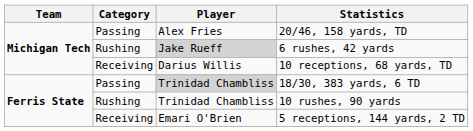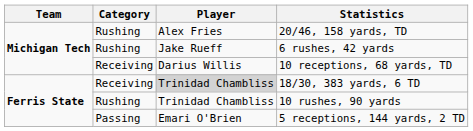 <table class="wikitable" style="float: left;">
 <tr>
 <th>Team</th>
 <th>Category</th>
 <th>Player</th>
 <th>Statistics</th>
 </tr>
 <tr>
 <td rowspan=3><strong>Michigan Tech</strong></td>
-<td>Passing</td>
+<td>Rushing</td>
 <td>Alex Fries</td>
 <td>20/46, 158 yards, TD</td>
 </tr>
 <tr>
 <td>Rushing</td>
-<td style="background: lightgrey;">Jake Rueff</td>
+<td>Jake Rueff</td>
 <td>6 rushes, 42 yards</td>
 </tr>
 <tr>
 <td>Receiving</td>
 <td>Darius Willis</td>
 <td>10 receptions, 68 yards, TD</td>
 </tr>
 <tr>
 <td rowspan=3><strong>Ferris State</strong></td>
-<td>Passing</td>
+<td>Receiving</td>
 <td style="background: lightgrey;">Trinidad Chambliss</td>
 <td>18/30, 383 yards, 6 TD</td>
 </tr>
 <tr>
 <td>Rushing</td>
 <td>Trinidad Chambliss</td>
 <td>10 rushes, 90 yards</td>
 </tr>
 <tr>
-<td>Receiving</td>
+<td>Passing</td>
 <td>Emari O'Brien</td>
 <td>5 receptions, 144 yards, 2 TD</td>
 </tr>
 </table>
